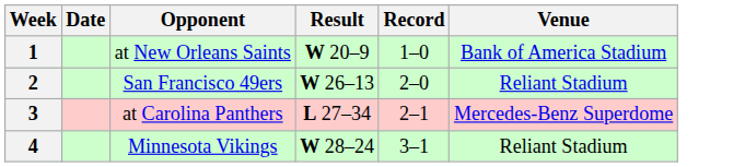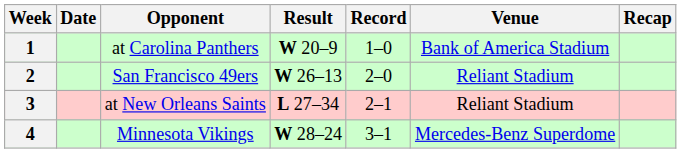 <table class="wikitable" style="text-align:center">
 <tr>
 <th>Week</th>
 <th>Date</th>
 <th>Opponent</th>
 <th>Result</th>
 <th>Record</th>
 <th>Venue</th>
+<th>Recap</th>
 </tr>
 <tr style="background:#cfc">
 <th>1</th>
 <td></td>
-<td>at <a href='#'>New Orleans Saints</a></td>
+<td>at <a href='#'>Carolina Panthers</a></td>
 <td><strong>W</strong> 20–9</td>
 <td>1–0</td>
 <td><a href='#'>Bank of America Stadium</a></td>
+<td></td>
 </tr>
 <tr style="background:#cfc">
 <th>2</th>
 <td></td>
 <td><a href='#'>San Francisco 49ers</a></td>
 <td><strong>W</strong> 26–13</td>
 <td>2–0</td>
 <td><a href='#'>Reliant Stadium</a></td>
+<td></td>
 </tr>
 <tr style="background:#fcc">
 <th>3</th>
 <td></td>
-<td>at <a href='#'>Carolina Panthers</a></td>
+<td>at <a href='#'>New Orleans Saints</a></td>
 <td><strong>L</strong> 27–34</td>
 <td>2–1</td>
-<td><a href='#'>Mercedes-Benz Superdome</a></td>
+<td>Reliant Stadium</td>
+<td></td>
 </tr>
 <tr style="background:#cfc">
 <th>4</th>
 <td></td>
 <td><a href='#'>Minnesota Vikings</a></td>
 <td><strong>W</strong> 28–24</td>
 <td>3–1</td>
-<td>Reliant Stadium</td>
+<td><a href='#'>Mercedes-Benz Superdome</a></td>
+<td></td>
 </tr>
 </table>
